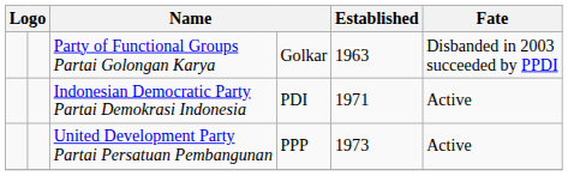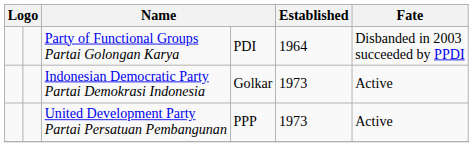 <table class="wikitable sortable">
 <tr>
 <th colspan="2" class="unsortable">Logo</th>
 <th colspan="2" width="250">Name</th>
 <th>Established</th>
 <th>Fate</th>
 </tr>
 <tr>
 <td></td>
 <td></td>
 <td><a href='#'>Party of Functional Groups</a><br><em>Partai Golongan Karya</em></td>
-<td>Golkar</td>
-<td>1963</td>
+<td>PDI</td>
+<td>1964</td>
 <td>Disbanded in 2003<br>succeeded by <a href='#'>PPDI</a></td>
 </tr>
 <tr>
 <td></td>
 <td></td>
 <td><a href='#'>Indonesian Democratic Party</a><br><em>Partai Demokrasi Indonesia</em></td>
-<td>PDI</td>
-<td>1971</td>
+<td>Golkar</td>
+<td>1973</td>
 <td>Active</td>
 </tr>
 <tr>
 <td></td>
 <td></td>
 <td><a href='#'>United Development Party</a><br><em>Partai Persatuan Pembangunan</em></td>
 <td>PPP</td>
 <td>1973</td>
 <td>Active</td>
 </tr>
 <tr>
 </tr>
 </table>
